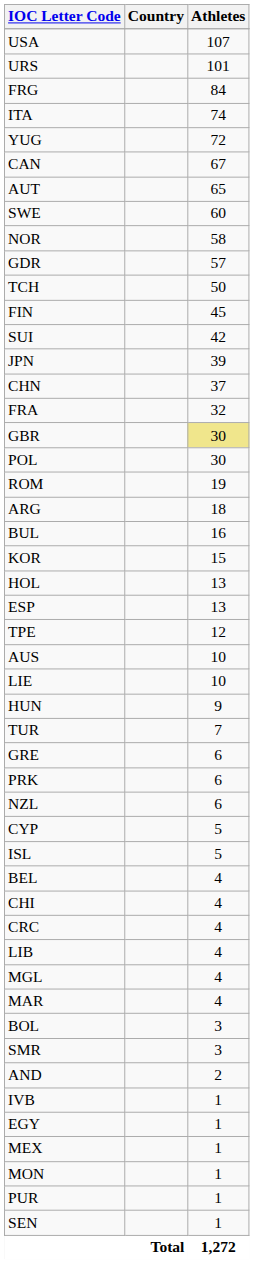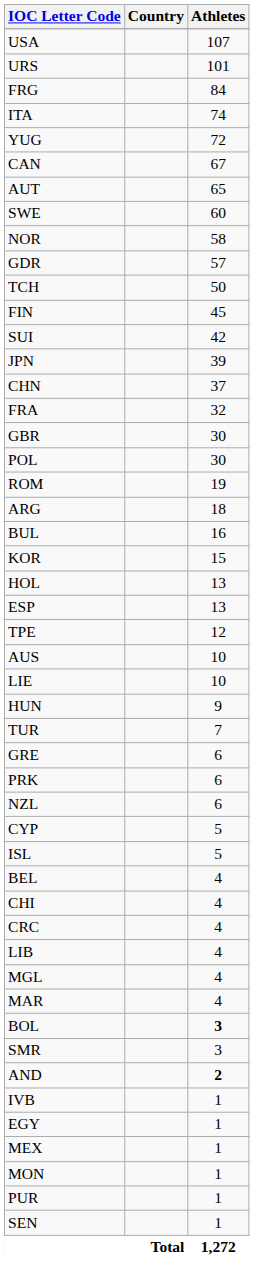 <table class="wikitable collapsible collapsed sortable" style="border:0;">
 <tr>
 <th><a href='#'>IOC Letter Code</a></th>
 <th>Country</th>
 <th>Athletes</th>
 </tr>
 <tr>
 </tr>
 <tr>
 <td>USA</td>
 <td></td>
 <td align=center>107</td>
 </tr>
 <tr>
 <td>URS</td>
 <td></td>
 <td align=center>101</td>
 </tr>
 <tr>
 <td>FRG</td>
 <td></td>
 <td align=center>84</td>
 </tr>
 <tr>
 <td>ITA</td>
 <td></td>
 <td align=center>74</td>
 </tr>
 <tr>
 <td>YUG</td>
 <td></td>
 <td align=center>72</td>
 </tr>
 <tr>
 <td>CAN</td>
 <td></td>
 <td align=center>67</td>
 </tr>
 <tr>
 <td>AUT</td>
 <td></td>
 <td align=center>65</td>
 </tr>
 <tr>
 <td>SWE</td>
 <td></td>
 <td align=center>60</td>
 </tr>
 <tr>
 <td>NOR</td>
 <td></td>
 <td align=center>58</td>
 </tr>
 <tr>
 <td>GDR</td>
 <td></td>
 <td align=center>57</td>
 </tr>
 <tr>
 <td>TCH</td>
 <td></td>
 <td align=center>50</td>
 </tr>
 <tr>
 <td>FIN</td>
 <td></td>
 <td align=center>45</td>
 </tr>
 <tr>
 <td>SUI</td>
 <td></td>
 <td align=center>42</td>
 </tr>
 <tr>
 <td>JPN</td>
 <td></td>
 <td align=center>39</td>
 </tr>
 <tr>
 <td>CHN</td>
 <td></td>
 <td align=center>37</td>
 </tr>
 <tr>
 <td>FRA</td>
 <td></td>
 <td align=center>32</td>
 </tr>
 <tr>
 <td>GBR</td>
 <td></td>
-<td align=center style="background: khaki;">30</td>
+<td align=center>30</td>
 </tr>
 <tr>
 <td>POL</td>
 <td></td>
 <td align=center>30</td>
 </tr>
 <tr>
 <td>ROM</td>
 <td></td>
 <td align=center>19</td>
 </tr>
 <tr>
 <td>ARG</td>
 <td></td>
 <td align=center>18</td>
 </tr>
 <tr>
 <td>BUL</td>
 <td></td>
 <td align=center>16</td>
 </tr>
 <tr>
 <td>KOR</td>
 <td></td>
 <td align=center>15</td>
 </tr>
 <tr>
 <td>HOL</td>
 <td></td>
 <td align=center>13</td>
 </tr>
 <tr>
 <td>ESP</td>
 <td></td>
 <td align=center>13</td>
 </tr>
 <tr>
 <td>TPE</td>
 <td></td>
 <td align=center>12</td>
 </tr>
 <tr>
 <td>AUS</td>
 <td></td>
 <td align=center>10</td>
 </tr>
 <tr>
 <td>LIE</td>
 <td></td>
 <td align=center>10</td>
 </tr>
 <tr>
 <td>HUN</td>
 <td></td>
 <td align=center>9</td>
 </tr>
 <tr>
 <td>TUR</td>
 <td></td>
 <td align=center>7</td>
 </tr>
 <tr>
 <td>GRE</td>
 <td></td>
 <td align=center>6</td>
 </tr>
 <tr>
 <td>PRK</td>
 <td></td>
 <td align=center>6</td>
 </tr>
 <tr>
 <td>NZL</td>
 <td></td>
 <td align=center>6</td>
 </tr>
 <tr>
 <td>CYP</td>
 <td></td>
 <td align=center>5</td>
 </tr>
 <tr>
 <td>ISL</td>
 <td></td>
 <td align=center>5</td>
 </tr>
 <tr>
 <td>BEL</td>
 <td></td>
 <td align=center>4</td>
 </tr>
 <tr>
 <td>CHI</td>
 <td></td>
 <td align=center>4</td>
 </tr>
 <tr>
 <td>CRC</td>
 <td></td>
 <td align=center>4</td>
 </tr>
 <tr>
 <td>LIB</td>
 <td></td>
 <td align=center>4</td>
 </tr>
 <tr>
 <td>MGL</td>
 <td></td>
 <td align=center>4</td>
 </tr>
 <tr>
 <td>MAR</td>
 <td></td>
 <td align=center>4</td>
 </tr>
 <tr>
 <td>BOL</td>
 <td></td>
-<td align=center>3</td>
+<td align=center><strong>3</strong></td>
 </tr>
 <tr>
 <td>SMR</td>
 <td></td>
 <td align=center>3</td>
 </tr>
 <tr>
 <td>AND</td>
 <td></td>
-<td align=center>2</td>
+<td align=center><strong>2</strong></td>
 </tr>
 <tr>
 <td>IVB</td>
 <td></td>
 <td align=center>1</td>
 </tr>
 <tr>
 <td>EGY</td>
 <td></td>
 <td align=center>1</td>
 </tr>
 <tr>
 <td>MEX</td>
 <td></td>
 <td align=center>1</td>
 </tr>
 <tr>
 <td>MON</td>
 <td></td>
 <td align=center>1</td>
 </tr>
 <tr>
 <td>PUR</td>
 <td></td>
 <td align=center>1</td>
 </tr>
 <tr>
 <td>SEN</td>
 <td></td>
 <td Align=center>1</td>
 </tr>
 <tr class="sortbottom">
 <td colspan=2; style="text-align:right; border:0px; background:#fff;"><strong>Total</strong></td>
 <td style="text-align:center; border:0px; background:#fff;"><strong>1,272</strong></td>
 </tr>
 <tr>
 </tr>
 </table>
